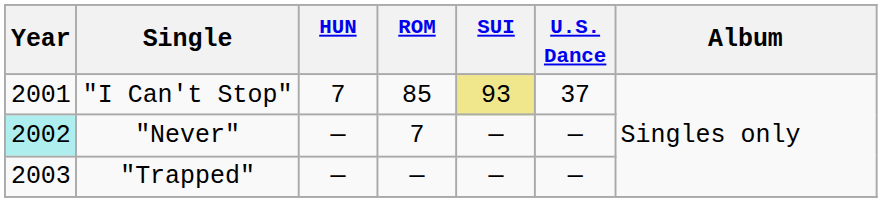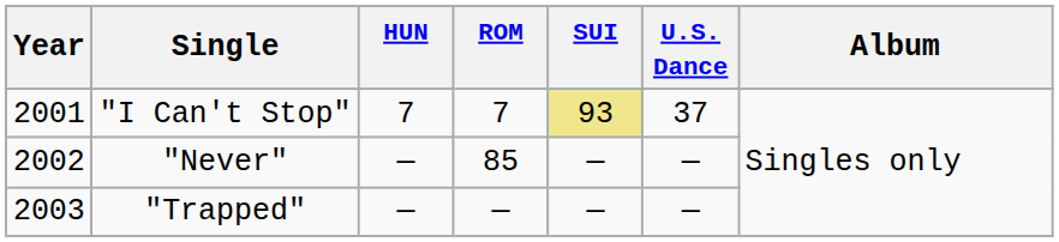 <table class="wikitable">
 <tr>
 <th align="left" valign="center">Year</th>
 <th align="left" valign="center">Single</th>
 <th align="center" valign="top" width="35"><small><a href='#'>HUN</a><br></small></th>
 <th align="center" valign="top" width="35"><small><a href='#'>ROM</a><br></small></th>
 <th align="center" valign="top" width="35"><small><a href='#'>SUI</a><br></small></th>
 <th align="center" valign="top" width="35"><small><a href='#'>U.S.<br>Dance</a><br></small></th>
 <th width="130">Album</th>
 </tr>
 <tr>
 <td align="left">2001</td>
 <td align="center">"I Can't Stop"</td>
 <td align="center">7</td>
-<td align="center">85</td>
+<td align="center">7</td>
 <td align="center" style="background: khaki;">93</td>
 <td align="center">37</td>
 <td rowspan="3">Singles only</td>
 </tr>
 <tr>
-<td align="left" style="background: paleturquoise;">2002</td>
+<td align="left">2002</td>
 <td align="center">"Never"</td>
 <td align="center">—</td>
-<td align="center">7</td>
+<td align="center">85</td>
 <td align="center">—</td>
 <td align="center">—</td>
 </tr>
 <tr>
 <td align="left">2003</td>
 <td align="center">"Trapped"</td>
 <td align="center">—</td>
 <td align="center">—</td>
 <td align="center">—</td>
 <td align="center">—</td>
 </tr>
 </table>
